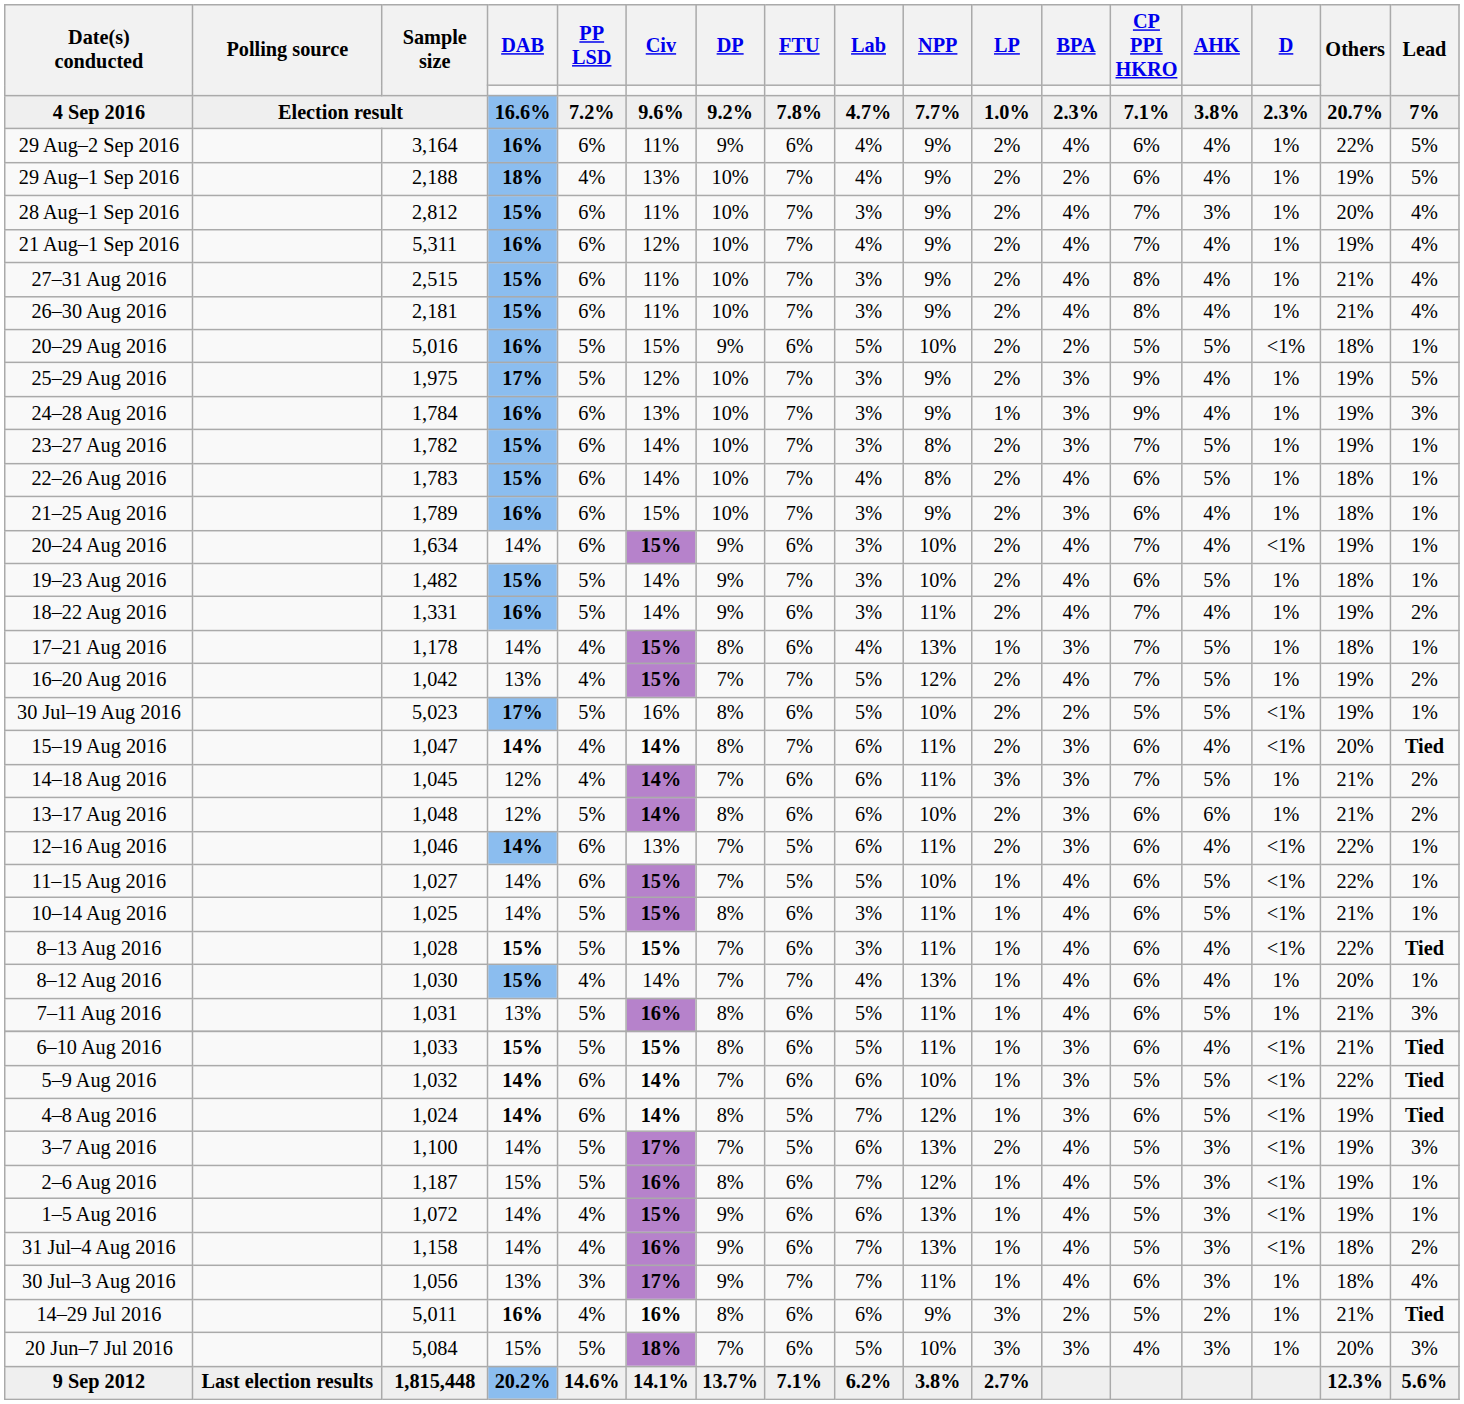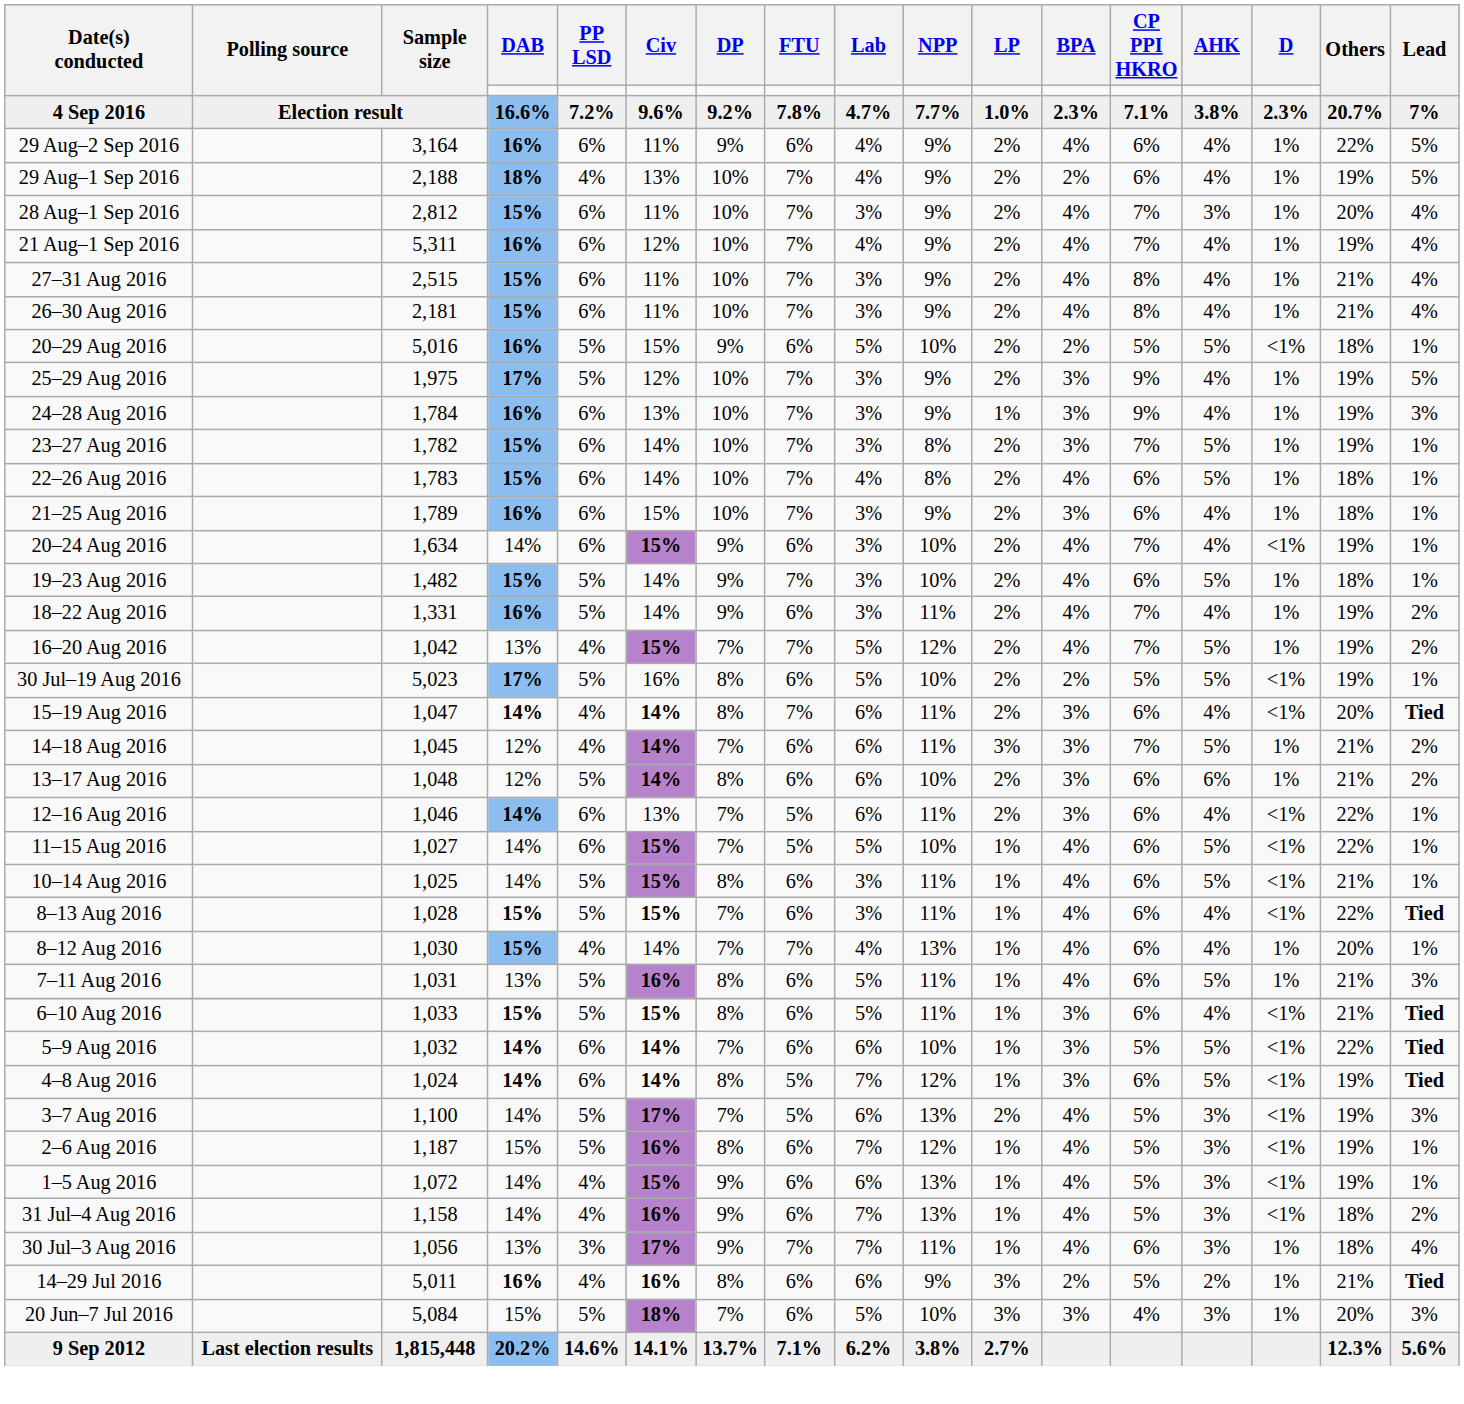 <table class="wikitable collapsible" style="text-align:center; font-size:85%; line-height:16px; margin-bottom:0">
 <tr style="height:42px; background:#e9e9e9;">
 <th style="width:120px;" rowspan=2>Date(s)<br>conducted</th>
 <th style="width:120px;" rowspan="2">Polling source</th>
 <th style="width:65px;" rowspan=2>Sample size</th>
 <th style="width:40px;"><a href='#'>DAB</a></th>
 <th style="width:40px;"><a href='#'>PP</a><br><a href='#'>LSD</a></th>
 <th style="width:40px;"><a href='#'>Civ</a></th>
 <th style="width:40px;"><a href='#'>DP</a></th>
 <th style="width:40px;"><a href='#'>FTU</a></th>
 <th style="width:40px;"><a href='#'>Lab</a></th>
 <th style="width:40px;"><a href='#'>NPP</a></th>
 <th style="width:40px;"><a href='#'>LP</a></th>
 <th style="width:40px;"><a href='#'>BPA</a></th>
 <th style="width:40px;"><a href='#'>CP</a><br><a href='#'>PPI</a><br><a href='#'>HKRO</a></th>
 <th style="width:40px;"><a href='#'>AHK</a></th>
 <th style="width:40px;"><a href='#'>D</a></th>
 <th style="width:40px;" rowspan=2>Others</th>
 <th style="width:40px;" rowspan=2>Lead</th>
 </tr>
 <tr>
 <td></td>
 <td></td>
 <td></td>
 <td></td>
 <td></td>
 <td></td>
 <td></td>
 <td></td>
 <td></td>
 <td></td>
 <td></td>
 <td></td>
 </tr>
 <tr style="background:#EFEFEF; font-weight:bold;">
 <td><strong>4 Sep 2016</strong></td>
 <td colspan=2><strong>Election result</strong></td>
 <td style="background:#8bbdef;"><strong>16.6%</strong></td>
 <td>7.2%</td>
 <td>9.6%</td>
 <td>9.2%</td>
 <td>7.8%</td>
 <td>4.7%</td>
 <td>7.7%</td>
 <td>1.0%</td>
 <td>2.3%</td>
 <td>7.1%</td>
 <td>3.8%</td>
 <td>2.3%</td>
 <td>20.7%</td>
 <td style="background:">7%</td>
 </tr>
 <tr>
 <td>29 Aug–2 Sep 2016</td>
 <td></td>
 <td>3,164</td>
 <td style="background:#8bbdef;"><strong>16%</strong></td>
 <td>6%</td>
 <td>11%</td>
 <td>9%</td>
 <td>6%</td>
 <td>4%</td>
 <td>9%</td>
 <td>2%</td>
 <td>4%</td>
 <td>6%</td>
 <td>4%</td>
 <td>1%</td>
 <td>22%</td>
 <td style="background:">5%</td>
 </tr>
 <tr>
 <td>29 Aug–1 Sep 2016</td>
 <td></td>
 <td>2,188</td>
 <td style="background:#8bbdef;"><strong>18%</strong></td>
 <td>4%</td>
 <td>13%</td>
 <td>10%</td>
 <td>7%</td>
 <td>4%</td>
 <td>9%</td>
 <td>2%</td>
 <td>2%</td>
 <td>6%</td>
 <td>4%</td>
 <td>1%</td>
 <td>19%</td>
 <td style="background:">5%</td>
 </tr>
 <tr>
 <td>28 Aug–1 Sep 2016</td>
 <td></td>
 <td>2,812</td>
 <td style="background:#8bbdef;"><strong>15%</strong></td>
 <td>6%</td>
 <td>11%</td>
 <td>10%</td>
 <td>7%</td>
 <td>3%</td>
 <td>9%</td>
 <td>2%</td>
 <td>4%</td>
 <td>7%</td>
 <td>3%</td>
 <td>1%</td>
 <td>20%</td>
 <td style="background:">4%</td>
 </tr>
 <tr>
 <td>21 Aug–1 Sep 2016</td>
 <td></td>
 <td>5,311</td>
 <td style="background:#8bbdef;"><strong>16%</strong></td>
 <td>6%</td>
 <td>12%</td>
 <td>10%</td>
 <td>7%</td>
 <td>4%</td>
 <td>9%</td>
 <td>2%</td>
 <td>4%</td>
 <td>7%</td>
 <td>4%</td>
 <td>1%</td>
 <td>19%</td>
 <td style="background:">4%</td>
 </tr>
 <tr>
 <td>27–31 Aug 2016</td>
 <td></td>
 <td>2,515</td>
 <td style="background:#8bbdef;"><strong>15%</strong></td>
 <td>6%</td>
 <td>11%</td>
 <td>10%</td>
 <td>7%</td>
 <td>3%</td>
 <td>9%</td>
 <td>2%</td>
 <td>4%</td>
 <td>8%</td>
 <td>4%</td>
 <td>1%</td>
 <td>21%</td>
 <td style="background:">4%</td>
 </tr>
 <tr>
 <td>26–30 Aug 2016</td>
 <td></td>
 <td>2,181</td>
 <td style="background:#8bbdef;"><strong>15%</strong></td>
 <td>6%</td>
 <td>11%</td>
 <td>10%</td>
 <td>7%</td>
 <td>3%</td>
 <td>9%</td>
 <td>2%</td>
 <td>4%</td>
 <td>8%</td>
 <td>4%</td>
 <td>1%</td>
 <td>21%</td>
 <td style="background:">4%</td>
 </tr>
 <tr>
 <td>20–29 Aug 2016</td>
 <td></td>
 <td>5,016</td>
 <td style="background:#8bbdef;"><strong>16%</strong></td>
 <td>5%</td>
 <td>15%</td>
 <td>9%</td>
 <td>6%</td>
 <td>5%</td>
 <td>10%</td>
 <td>2%</td>
 <td>2%</td>
 <td>5%</td>
 <td>5%</td>
 <td><1%</td>
 <td>18%</td>
 <td style="background:">1%</td>
 </tr>
 <tr>
 <td>25–29 Aug 2016</td>
 <td></td>
 <td>1,975</td>
 <td style="background:#8bbdef;"><strong>17%</strong></td>
 <td>5%</td>
 <td>12%</td>
 <td>10%</td>
 <td>7%</td>
 <td>3%</td>
 <td>9%</td>
 <td>2%</td>
 <td>3%</td>
 <td>9%</td>
 <td>4%</td>
 <td>1%</td>
 <td>19%</td>
 <td style="background:">5%</td>
 </tr>
 <tr>
 <td>24–28 Aug 2016</td>
 <td></td>
 <td>1,784</td>
 <td style="background:#8bbdef;"><strong>16%</strong></td>
 <td>6%</td>
 <td>13%</td>
 <td>10%</td>
 <td>7%</td>
 <td>3%</td>
 <td>9%</td>
 <td>1%</td>
 <td>3%</td>
 <td>9%</td>
 <td>4%</td>
 <td>1%</td>
 <td>19%</td>
 <td style="background:">3%</td>
 </tr>
 <tr>
 <td>23–27 Aug 2016</td>
 <td></td>
 <td>1,782</td>
 <td style="background:#8bbdef;"><strong>15%</strong></td>
 <td>6%</td>
 <td>14%</td>
 <td>10%</td>
 <td>7%</td>
 <td>3%</td>
 <td>8%</td>
 <td>2%</td>
 <td>3%</td>
 <td>7%</td>
 <td>5%</td>
 <td>1%</td>
 <td>19%</td>
 <td style="background:">1%</td>
 </tr>
 <tr>
 <td>22–26 Aug 2016</td>
 <td></td>
 <td>1,783</td>
 <td style="background:#8bbdef;"><strong>15%</strong></td>
 <td>6%</td>
 <td>14%</td>
 <td>10%</td>
 <td>7%</td>
 <td>4%</td>
 <td>8%</td>
 <td>2%</td>
 <td>4%</td>
 <td>6%</td>
 <td>5%</td>
 <td>1%</td>
 <td>18%</td>
 <td style="background:">1%</td>
 </tr>
 <tr>
 <td>21–25 Aug 2016</td>
 <td></td>
 <td>1,789</td>
 <td style="background:#8bbdef;"><strong>16%</strong></td>
 <td>6%</td>
 <td>15%</td>
 <td>10%</td>
 <td>7%</td>
 <td>3%</td>
 <td>9%</td>
 <td>2%</td>
 <td>3%</td>
 <td>6%</td>
 <td>4%</td>
 <td>1%</td>
 <td>18%</td>
 <td style="background:">1%</td>
 </tr>
 <tr>
 <td>20–24 Aug 2016</td>
 <td></td>
 <td>1,634</td>
 <td>14%</td>
 <td>6%</td>
 <td style="background:#b682cb;"><strong>15%</strong></td>
 <td>9%</td>
 <td>6%</td>
 <td>3%</td>
 <td>10%</td>
 <td>2%</td>
 <td>4%</td>
 <td>7%</td>
 <td>4%</td>
 <td><1%</td>
 <td>19%</td>
 <td style="background:">1%</td>
 </tr>
 <tr>
 <td>19–23 Aug 2016</td>
 <td></td>
 <td>1,482</td>
 <td style="background:#8bbdef;"><strong>15%</strong></td>
 <td>5%</td>
 <td>14%</td>
 <td>9%</td>
 <td>7%</td>
 <td>3%</td>
 <td>10%</td>
 <td>2%</td>
 <td>4%</td>
 <td>6%</td>
 <td>5%</td>
 <td>1%</td>
 <td>18%</td>
 <td style="background:">1%</td>
 </tr>
 <tr>
 <td>18–22 Aug 2016</td>
 <td></td>
 <td>1,331</td>
 <td style="background:#8bbdef;"><strong>16%</strong></td>
 <td>5%</td>
 <td>14%</td>
 <td>9%</td>
 <td>6%</td>
 <td>3%</td>
 <td>11%</td>
 <td>2%</td>
 <td>4%</td>
 <td>7%</td>
 <td>4%</td>
 <td>1%</td>
 <td>19%</td>
 <td style="background:">2%</td>
-</tr>
-<tr>
-<td>17–21 Aug 2016</td>
-<td></td>
-<td>1,178</td>
-<td>14%</td>
-<td>4%</td>
-<td style="background:#b682cb;"><strong>15%</strong></td>
-<td>8%</td>
-<td>6%</td>
-<td>4%</td>
-<td>13%</td>
-<td>1%</td>
-<td>3%</td>
-<td>7%</td>
-<td>5%</td>
-<td>1%</td>
-<td>18%</td>
-<td style="background:">1%</td>
 </tr>
 <tr>
 <td>16–20 Aug 2016</td>
 <td></td>
 <td>1,042</td>
 <td>13%</td>
 <td>4%</td>
 <td style="background:#b682cb;"><strong>15%</strong></td>
 <td>7%</td>
 <td>7%</td>
 <td>5%</td>
 <td>12%</td>
 <td>2%</td>
 <td>4%</td>
 <td>7%</td>
 <td>5%</td>
 <td>1%</td>
 <td>19%</td>
 <td style="background:">2%</td>
 </tr>
 <tr>
 <td>30 Jul–19 Aug 2016</td>
 <td></td>
 <td>5,023</td>
 <td style="background:#8bbdef;"><strong>17%</strong></td>
 <td>5%</td>
 <td>16%</td>
 <td>8%</td>
 <td>6%</td>
 <td>5%</td>
 <td>10%</td>
 <td>2%</td>
 <td>2%</td>
 <td>5%</td>
 <td>5%</td>
 <td><1%</td>
 <td>19%</td>
 <td style="background:">1%</td>
 </tr>
 <tr>
 <td>15–19 Aug 2016</td>
 <td></td>
 <td>1,047</td>
 <td><strong>14%</strong></td>
 <td>4%</td>
 <td><strong>14%</strong></td>
 <td>8%</td>
 <td>7%</td>
 <td>6%</td>
 <td>11%</td>
 <td>2%</td>
 <td>3%</td>
 <td>6%</td>
 <td>4%</td>
 <td><1%</td>
 <td>20%</td>
 <td><strong>Tied</strong></td>
 </tr>
 <tr>
 <td>14–18 Aug 2016</td>
 <td></td>
 <td>1,045</td>
 <td>12%</td>
 <td>4%</td>
 <td style="background:#b682cb;"><strong>14%</strong></td>
 <td>7%</td>
 <td>6%</td>
 <td>6%</td>
 <td>11%</td>
 <td>3%</td>
 <td>3%</td>
 <td>7%</td>
 <td>5%</td>
 <td>1%</td>
 <td>21%</td>
 <td style="background:">2%</td>
 </tr>
 <tr>
 <td>13–17 Aug 2016</td>
 <td></td>
 <td>1,048</td>
 <td>12%</td>
 <td>5%</td>
 <td style="background:#b682cb;"><strong>14%</strong></td>
 <td>8%</td>
 <td>6%</td>
 <td>6%</td>
 <td>10%</td>
 <td>2%</td>
 <td>3%</td>
 <td>6%</td>
 <td>6%</td>
 <td>1%</td>
 <td>21%</td>
 <td style="background:">2%</td>
 </tr>
 <tr>
 <td>12–16 Aug 2016</td>
 <td></td>
 <td>1,046</td>
 <td style="background:#8bbdef;"><strong>14%</strong></td>
 <td>6%</td>
 <td>13%</td>
 <td>7%</td>
 <td>5%</td>
 <td>6%</td>
 <td>11%</td>
 <td>2%</td>
 <td>3%</td>
 <td>6%</td>
 <td>4%</td>
 <td><1%</td>
 <td>22%</td>
 <td style="background:">1%</td>
 </tr>
 <tr>
 <td>11–15 Aug 2016</td>
 <td></td>
 <td>1,027</td>
 <td>14%</td>
 <td>6%</td>
 <td style="background:#b682cb;"><strong>15%</strong></td>
 <td>7%</td>
 <td>5%</td>
 <td>5%</td>
 <td>10%</td>
 <td>1%</td>
 <td>4%</td>
 <td>6%</td>
 <td>5%</td>
 <td><1%</td>
 <td>22%</td>
 <td style="background:">1%</td>
 </tr>
 <tr>
 <td>10–14 Aug 2016</td>
 <td></td>
 <td>1,025</td>
 <td>14%</td>
 <td>5%</td>
 <td style="background:#b682cb;"><strong>15%</strong></td>
 <td>8%</td>
 <td>6%</td>
 <td>3%</td>
 <td>11%</td>
 <td>1%</td>
 <td>4%</td>
 <td>6%</td>
 <td>5%</td>
 <td><1%</td>
 <td>21%</td>
 <td style="background:">1%</td>
 </tr>
 <tr>
 <td>8–13 Aug 2016</td>
 <td></td>
 <td>1,028</td>
 <td><strong>15%</strong></td>
 <td>5%</td>
 <td><strong>15%</strong></td>
 <td>7%</td>
 <td>6%</td>
 <td>3%</td>
 <td>11%</td>
 <td>1%</td>
 <td>4%</td>
 <td>6%</td>
 <td>4%</td>
 <td><1%</td>
 <td>22%</td>
 <td><strong>Tied</strong></td>
 </tr>
 <tr>
 <td>8–12 Aug 2016</td>
 <td></td>
 <td>1,030</td>
 <td style="background:#8bbdef;"><strong>15%</strong></td>
 <td>4%</td>
 <td>14%</td>
 <td>7%</td>
 <td>7%</td>
 <td>4%</td>
 <td>13%</td>
 <td>1%</td>
 <td>4%</td>
 <td>6%</td>
 <td>4%</td>
 <td>1%</td>
 <td>20%</td>
 <td style="background:">1%</td>
 </tr>
 <tr>
 <td>7–11 Aug 2016</td>
 <td></td>
 <td>1,031</td>
 <td>13%</td>
 <td>5%</td>
 <td style="background:#b682cb;"><strong>16%</strong></td>
 <td>8%</td>
 <td>6%</td>
 <td>5%</td>
 <td>11%</td>
 <td>1%</td>
 <td>4%</td>
 <td>6%</td>
 <td>5%</td>
 <td>1%</td>
 <td>21%</td>
 <td style="background:">3%</td>
 </tr>
 <tr>
 </tr>
 <tr>
 <td>6–10 Aug 2016</td>
 <td></td>
 <td>1,033</td>
 <td><strong>15%</strong></td>
 <td>5%</td>
 <td><strong>15%</strong></td>
 <td>8%</td>
 <td>6%</td>
 <td>5%</td>
 <td>11%</td>
 <td>1%</td>
 <td>3%</td>
 <td>6%</td>
 <td>4%</td>
 <td><1%</td>
 <td>21%</td>
 <td><strong>Tied</strong></td>
 </tr>
 <tr>
 <td>5–9 Aug 2016</td>
 <td></td>
 <td>1,032</td>
 <td><strong>14%</strong></td>
 <td>6%</td>
 <td><strong>14%</strong></td>
 <td>7%</td>
 <td>6%</td>
 <td>6%</td>
 <td>10%</td>
 <td>1%</td>
 <td>3%</td>
 <td>5%</td>
 <td>5%</td>
 <td><1%</td>
 <td>22%</td>
 <td><strong>Tied</strong></td>
 </tr>
 <tr>
 <td>4–8 Aug 2016</td>
 <td></td>
 <td>1,024</td>
 <td><strong>14%</strong></td>
 <td>6%</td>
 <td><strong>14%</strong></td>
 <td>8%</td>
 <td>5%</td>
 <td>7%</td>
 <td>12%</td>
 <td>1%</td>
 <td>3%</td>
 <td>6%</td>
 <td>5%</td>
 <td><1%</td>
 <td>19%</td>
 <td><strong>Tied</strong></td>
 </tr>
 <tr>
 <td>3–7 Aug 2016</td>
 <td></td>
 <td>1,100</td>
 <td>14%</td>
 <td>5%</td>
 <td style="background:#b682cb;"><strong>17%</strong></td>
 <td>7%</td>
 <td>5%</td>
 <td>6%</td>
 <td>13%</td>
 <td>2%</td>
 <td>4%</td>
 <td>5%</td>
 <td>3%</td>
 <td><1%</td>
 <td>19%</td>
 <td style="background:">3%</td>
 </tr>
 <tr>
 <td>2–6 Aug 2016</td>
 <td></td>
 <td>1,187</td>
 <td>15%</td>
 <td>5%</td>
 <td style="background:#b682cb;"><strong>16%</strong></td>
 <td>8%</td>
 <td>6%</td>
 <td>7%</td>
 <td>12%</td>
 <td>1%</td>
 <td>4%</td>
 <td>5%</td>
 <td>3%</td>
 <td><1%</td>
 <td>19%</td>
 <td style="background:">1%</td>
 </tr>
 <tr>
 <td>1–5 Aug 2016</td>
 <td></td>
 <td>1,072</td>
 <td>14%</td>
 <td>4%</td>
 <td style="background:#b682cb;"><strong>15%</strong></td>
 <td>9%</td>
 <td>6%</td>
 <td>6%</td>
 <td>13%</td>
 <td>1%</td>
 <td>4%</td>
 <td>5%</td>
 <td>3%</td>
 <td><1%</td>
 <td>19%</td>
 <td style="background:">1%</td>
 </tr>
 <tr>
 <td>31 Jul–4 Aug 2016</td>
 <td></td>
 <td>1,158</td>
 <td>14%</td>
 <td>4%</td>
 <td style="background:#b682cb;"><strong>16%</strong></td>
 <td>9%</td>
 <td>6%</td>
 <td>7%</td>
 <td>13%</td>
 <td>1%</td>
 <td>4%</td>
 <td>5%</td>
 <td>3%</td>
 <td><1%</td>
 <td>18%</td>
 <td style="background:">2%</td>
 </tr>
 <tr>
 <td>30 Jul–3 Aug 2016</td>
 <td></td>
 <td>1,056</td>
 <td>13%</td>
 <td>3%</td>
 <td style="background:#b682cb;"><strong>17%</strong></td>
 <td>9%</td>
 <td>7%</td>
 <td>7%</td>
 <td>11%</td>
 <td>1%</td>
 <td>4%</td>
 <td>6%</td>
 <td>3%</td>
 <td>1%</td>
 <td>18%</td>
 <td style="background:">4%</td>
 </tr>
 <tr>
 <td>14–29 Jul 2016</td>
 <td></td>
 <td>5,011</td>
 <td><strong>16%</strong></td>
 <td>4%</td>
 <td><strong>16%</strong></td>
 <td>8%</td>
 <td>6%</td>
 <td>6%</td>
 <td>9%</td>
 <td>3%</td>
 <td>2%</td>
 <td>5%</td>
 <td>2%</td>
 <td>1%</td>
 <td>21%</td>
 <td><strong>Tied</strong></td>
 </tr>
 <tr>
 <td>20 Jun–7 Jul 2016</td>
 <td></td>
 <td>5,084</td>
 <td>15%</td>
 <td>5%</td>
 <td style="background:#b682cb;"><strong>18%</strong></td>
 <td>7%</td>
 <td>6%</td>
 <td>5%</td>
 <td>10%</td>
 <td>3%</td>
 <td>3%</td>
 <td>4%</td>
 <td>3%</td>
 <td>1%</td>
 <td>20%</td>
 <td style="background:">3%</td>
 </tr>
 <tr style="background:#EFEFEF; font-weight:bold;">
 <td>9 Sep 2012</td>
 <td>Last election results</td>
 <td>1,815,448</td>
 <td style="background:#8bbdef;">20.2%</td>
 <td>14.6%</td>
 <td>14.1%</td>
 <td>13.7%</td>
 <td>7.1%</td>
 <td>6.2%</td>
 <td>3.8%</td>
 <td>2.7%</td>
 <td></td>
 <td></td>
 <td></td>
 <td></td>
 <td>12.3%</td>
 <td style="background:">5.6%</td>
 </tr>
 </table>
